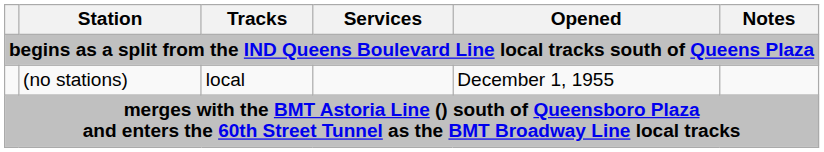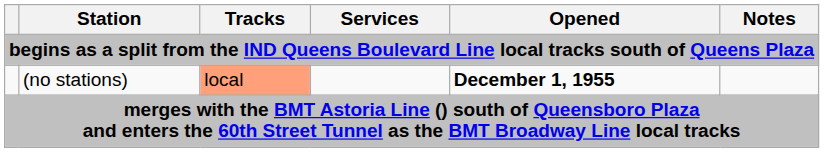 <table class="wikitable">
 <tr>
 <th></th>
 <th>Station</th>
 <th>Tracks</th>
 <th>Services</th>
 <th>Opened</th>
 <th>Notes</th>
 </tr>
 <tr>
 <th colspan=6 style="background-color: silver;">begins as a split from the <a href='#'>IND Queens Boulevard Line</a> local tracks south of <a href='#'>Queens Plaza</a></th>
 </tr>
 <tr>
 <td></td>
 <td>(no stations)</td>
-<td>local</td>
+<td style="background: lightsalmon;">local</td>
 <td></td>
-<td>December 1, 1955</td>
+<td><strong>December 1, 1955</strong></td>
 <td></td>
 </tr>
 <tr>
 <th colspan=6 style="background-color: silver;">merges with the <a href='#'>BMT Astoria Line</a> () south of <a href='#'>Queensboro Plaza</a><br>and enters the <a href='#'>60th Street Tunnel</a> as the <a href='#'>BMT Broadway Line</a> local tracks</th>
 </tr>
 </table>
